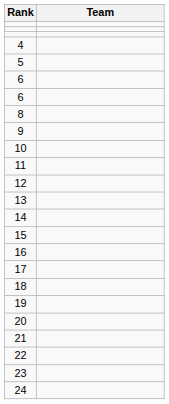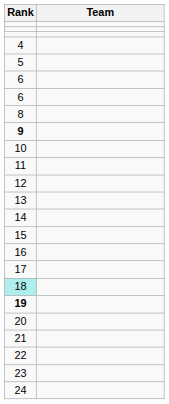 <table class="wikitable">
 <tr>
 <th width=40>Rank</th>
 <th width=180>Team</th>
 </tr>
 <tr>
 <td align=center></td>
 <td></td>
 </tr>
 <tr>
 <td align=center></td>
 <td></td>
 </tr>
 <tr>
 <td align=center></td>
 <td></td>
 </tr>
 <tr>
 <td align=center>4</td>
 <td></td>
 </tr>
 <tr>
 <td align=center>5</td>
 <td></td>
 </tr>
 <tr>
 <td align=center>6</td>
 <td></td>
 </tr>
 <tr>
 <td align=center>6</td>
 <td></td>
 </tr>
 <tr>
 <td align=center>8</td>
 <td></td>
 </tr>
 <tr>
-<td align=center>9</td>
+<td align=center><strong>9</strong></td>
 <td></td>
 </tr>
 <tr>
 <td align=center>10</td>
 <td></td>
 </tr>
 <tr>
 <td align=center>11</td>
 <td></td>
 </tr>
 <tr>
 <td align=center>12</td>
 <td></td>
 </tr>
 <tr>
 <td align=center>13</td>
 <td></td>
 </tr>
 <tr>
 <td align=center>14</td>
 <td></td>
 </tr>
 <tr>
 <td align=center>15</td>
 <td></td>
 </tr>
 <tr>
 <td align=center>16</td>
 <td></td>
 </tr>
 <tr>
 <td align=center>17</td>
 <td></td>
 </tr>
 <tr>
-<td align=center>18</td>
+<td align=center style="background: paleturquoise;">18</td>
 <td></td>
 </tr>
 <tr>
-<td align=center>19</td>
+<td align=center><strong>19</strong></td>
 <td></td>
 </tr>
 <tr>
 <td align=center>20</td>
 <td></td>
 </tr>
 <tr>
 <td align=center>21</td>
 <td></td>
 </tr>
 <tr>
 <td align=center>22</td>
 <td></td>
 </tr>
 <tr>
 <td align=center>23</td>
 <td></td>
 </tr>
 <tr>
 <td align=center>24</td>
 <td></td>
 </tr>
 </table>
